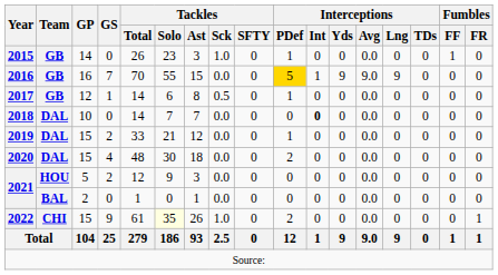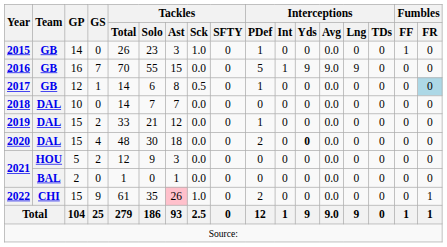 <table class="wikitable" style="text-align: center;">
 <tr>
 <th rowspan=2>Year</th>
 <th rowspan=2>Team</th>
 <th rowspan=2>GP</th>
 <th rowspan=2>GS</th>
 <th colspan=5>Tackles</th>
 <th colspan=6>Interceptions</th>
 <th colspan=2>Fumbles</th>
 </tr>
 <tr>
 <th>Total</th>
 <th>Solo</th>
 <th>Ast</th>
 <th>Sck</th>
 <th>SFTY</th>
 <th>PDef</th>
 <th>Int</th>
 <th>Yds</th>
 <th>Avg</th>
 <th>Lng</th>
 <th>TDs</th>
 <th>FF</th>
 <th>FR</th>
 </tr>
 <tr>
 <th><a href='#'>2015</a></th>
 <th><a href='#'>GB</a></th>
 <td>14</td>
 <td>0</td>
 <td>26</td>
 <td>23</td>
 <td>3</td>
 <td>1.0</td>
 <td>0</td>
 <td>1</td>
 <td>0</td>
 <td>0</td>
 <td>0.0</td>
 <td>0</td>
 <td>0</td>
 <td>1</td>
 <td>0</td>
 </tr>
 <tr>
 <th><a href='#'>2016</a></th>
 <th><a href='#'>GB</a></th>
 <td>16</td>
 <td>7</td>
 <td>70</td>
 <td>55</td>
 <td>15</td>
 <td>0.0</td>
 <td>0</td>
-<td style="background: gold;">5</td>
+<td>5</td>
 <td>1</td>
 <td>9</td>
 <td>9.0</td>
 <td>9</td>
 <td>0</td>
 <td>0</td>
 <td>0</td>
 </tr>
 <tr>
 <th><a href='#'>2017</a></th>
 <th><a href='#'>GB</a></th>
 <td>12</td>
 <td>1</td>
 <td>14</td>
 <td>6</td>
 <td>8</td>
 <td>0.5</td>
 <td>0</td>
 <td>1</td>
 <td>0</td>
 <td>0</td>
 <td>0.0</td>
 <td>0</td>
 <td>0</td>
 <td>0</td>
-<td>0</td>
+<td style="background: lightblue;">0</td>
 </tr>
 <tr>
 <th><a href='#'>2018</a></th>
 <th><a href='#'>DAL</a></th>
 <td>10</td>
 <td>0</td>
 <td>14</td>
 <td>7</td>
 <td>7</td>
 <td>0.0</td>
 <td>0</td>
 <td>0</td>
-<td><strong>0</strong></td>
+<td>0</td>
 <td>0</td>
 <td>0.0</td>
 <td>0</td>
 <td>0</td>
 <td>0</td>
 <td>0</td>
 </tr>
 <tr>
 <th><a href='#'>2019</a></th>
 <th><a href='#'>DAL</a></th>
 <td>15</td>
 <td>2</td>
 <td>33</td>
 <td>21</td>
 <td>12</td>
 <td>0.0</td>
 <td>0</td>
 <td>1</td>
 <td>0</td>
 <td>0</td>
 <td>0.0</td>
 <td>0</td>
 <td>0</td>
 <td>0</td>
 <td>0</td>
 </tr>
 <tr>
 <th><a href='#'>2020</a></th>
 <th><a href='#'>DAL</a></th>
 <td>15</td>
 <td>4</td>
 <td>48</td>
 <td>30</td>
 <td>18</td>
 <td>0.0</td>
 <td>0</td>
 <td>2</td>
 <td>0</td>
-<td>0</td>
+<td><strong>0</strong></td>
 <td>0.0</td>
 <td>0</td>
 <td>0</td>
 <td>0</td>
 <td>0</td>
 </tr>
 <tr>
 <th rowspan="2"><a href='#'>2021</a></th>
 <th><a href='#'>HOU</a></th>
 <td>5</td>
 <td>2</td>
 <td>12</td>
 <td>9</td>
 <td>3</td>
 <td>0.0</td>
 <td>0</td>
 <td>0</td>
 <td>0</td>
 <td>0</td>
 <td>0.0</td>
 <td>0</td>
 <td>0</td>
 <td>0</td>
 <td>0</td>
 </tr>
 <tr>
 <th><a href='#'>BAL</a></th>
 <td>2</td>
 <td>0</td>
 <td>1</td>
 <td>0</td>
 <td>1</td>
 <td>0.0</td>
 <td>0</td>
 <td>0</td>
 <td>0</td>
 <td>0</td>
 <td>0.0</td>
 <td>0</td>
 <td>0</td>
 <td>0</td>
 <td>0</td>
 </tr>
 <tr>
 <th><a href='#'>2022</a></th>
 <th><a href='#'>CHI</a></th>
 <td>15</td>
 <td>9</td>
 <td>61</td>
-<td style="background: lightyellow;">35</td>
-<td>26</td>
+<td>35</td>
+<td style="background: pink;">26</td>
 <td>1.0</td>
 <td>0</td>
 <td>2</td>
 <td>0</td>
 <td>0</td>
 <td>0.0</td>
 <td>0</td>
 <td>0</td>
 <td>0</td>
 <td>1</td>
 </tr>
 <tr>
 <th colspan=2>Total</th>
 <th>104</th>
 <th>25</th>
 <th>279</th>
 <th>186</th>
 <th>93</th>
 <th>2.5</th>
 <th>0</th>
 <th>12</th>
 <th>1</th>
 <th>9</th>
 <th>9.0</th>
 <th>9</th>
 <th>0</th>
 <th>1</th>
 <th>1</th>
 </tr>
 <tr>
 <td colspan="17"><small>Source: </small></td>
 </tr>
 </table>
